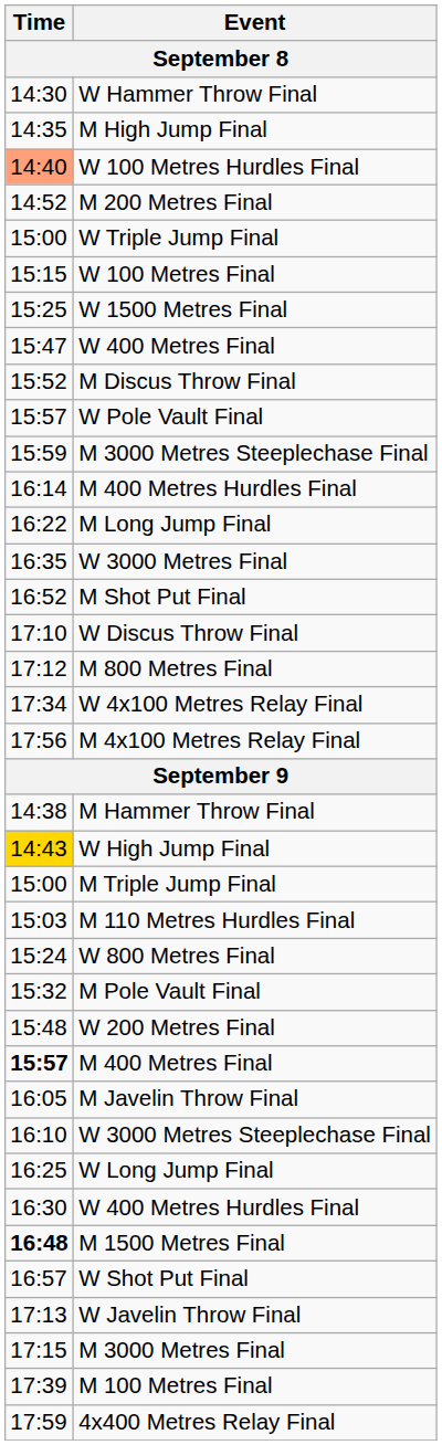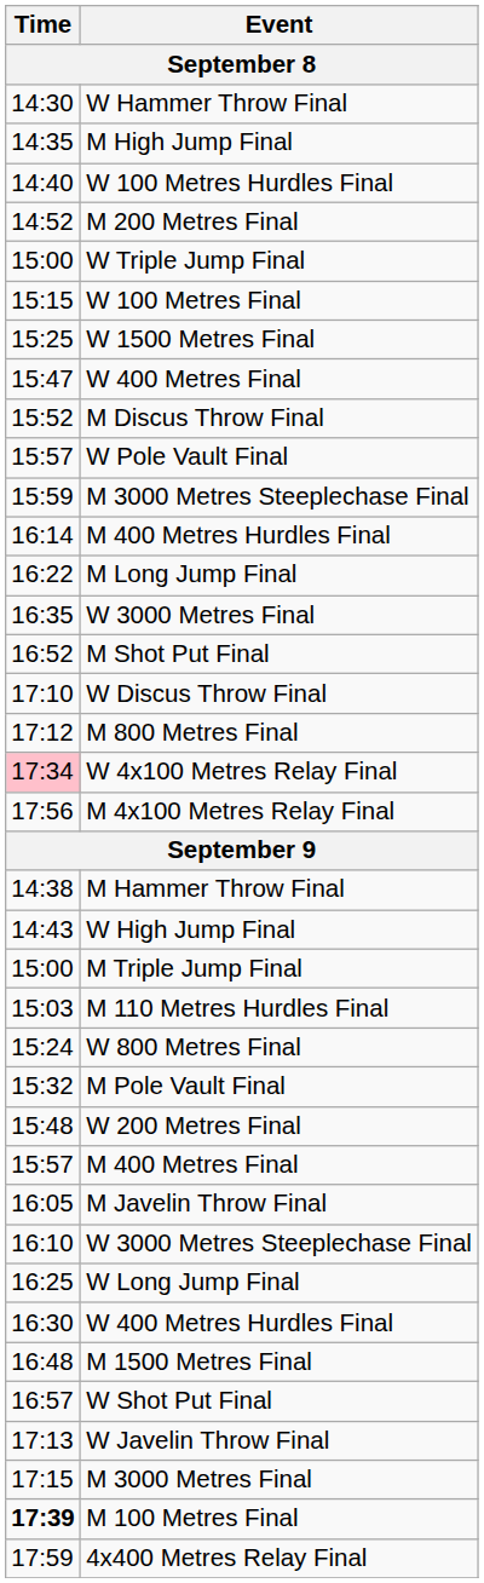 <table class="wikitable">
 <tr>
 <th>Time</th>
 <th>Event</th>
 </tr>
 <tr>
 <th colspan=4>September 8</th>
 </tr>
 <tr>
 <td>14:30</td>
 <td>W Hammer Throw	Final</td>
 </tr>
 <tr>
 <td>14:35</td>
 <td>M High Jump	Final</td>
 </tr>
 <tr>
-<td style="background: lightsalmon;">14:40</td>
+<td>14:40</td>
 <td>W 100 Metres Hurdles	Final</td>
 </tr>
 <tr>
 <td>14:52</td>
 <td>M 200 Metres	Final</td>
 </tr>
 <tr>
 <td>15:00</td>
 <td>W Triple Jump	Final</td>
 </tr>
 <tr>
 <td>15:15</td>
 <td>W 100 Metres	Final</td>
 </tr>
 <tr>
 <td>15:25</td>
 <td>W 1500 Metres	Final</td>
 </tr>
 <tr>
 <td>15:47</td>
 <td>W 400 Metres	Final</td>
 </tr>
 <tr>
 <td>15:52</td>
 <td>M Discus Throw	Final</td>
 </tr>
 <tr>
 <td>15:57</td>
 <td>W Pole Vault	Final</td>
 </tr>
 <tr>
 <td>15:59</td>
 <td>M 3000 Metres Steeplechase	Final</td>
 </tr>
 <tr>
 <td>16:14</td>
 <td>M 400 Metres Hurdles	Final</td>
 </tr>
 <tr>
 <td>16:22</td>
 <td>M Long Jump	Final</td>
 </tr>
 <tr>
 <td>16:35</td>
 <td>W 3000 Metres	Final</td>
 </tr>
 <tr>
 <td>16:52</td>
 <td>M Shot Put	Final</td>
 </tr>
 <tr>
 <td>17:10</td>
 <td>W Discus Throw	Final</td>
 </tr>
 <tr>
 <td>17:12</td>
 <td>M 800 Metres	Final</td>
 </tr>
 <tr>
-<td>17:34</td>
+<td style="background: pink;">17:34</td>
 <td>W 4x100 Metres Relay	Final</td>
 </tr>
 <tr>
 <td>17:56</td>
 <td>M 4x100 Metres Relay	Final</td>
 </tr>
 <tr>
 <th colspan=9>September 9</th>
 </tr>
 <tr>
 <td>14:38</td>
 <td>M Hammer Throw	Final</td>
 </tr>
 <tr>
-<td style="background: gold;">14:43</td>
+<td>14:43</td>
 <td>W High Jump	Final</td>
 </tr>
 <tr>
 <td>15:00</td>
 <td>M Triple Jump	Final</td>
 </tr>
 <tr>
 <td>15:03</td>
 <td>M 110 Metres Hurdles	Final</td>
 </tr>
 <tr>
 <td>15:24</td>
 <td>W 800 Metres	Final</td>
 </tr>
 <tr>
 <td>15:32</td>
 <td>M Pole Vault	Final</td>
 </tr>
 <tr>
 <td>15:48</td>
 <td>W 200 Metres	Final</td>
 </tr>
 <tr>
-<td><strong>15:57</strong></td>
+<td>15:57</td>
 <td>M 400 Metres	Final</td>
 </tr>
 <tr>
 <td>16:05</td>
 <td>M Javelin Throw	Final</td>
 </tr>
 <tr>
 <td>16:10</td>
 <td>W 3000 Metres Steeplechase	Final</td>
 </tr>
 <tr>
 <td>16:25</td>
 <td>W Long Jump	Final</td>
 </tr>
 <tr>
 <td>16:30</td>
 <td>W 400 Metres Hurdles	Final</td>
 </tr>
 <tr>
-<td><strong>16:48</strong></td>
+<td>16:48</td>
 <td>M 1500 Metres	Final</td>
 </tr>
 <tr>
 <td>16:57</td>
 <td>W Shot Put	Final</td>
 </tr>
 <tr>
 <td>17:13</td>
 <td>W Javelin Throw	Final</td>
 </tr>
 <tr>
 <td>17:15</td>
 <td>M 3000 Metres	Final</td>
 </tr>
 <tr>
-<td>17:39</td>
+<td><strong>17:39</strong></td>
 <td>M 100 Metres	Final</td>
 </tr>
 <tr>
 <td>17:59</td>
 <td>4x400 Metres Relay	Final</td>
 </tr>
 </table>
